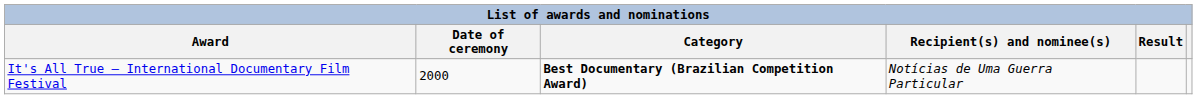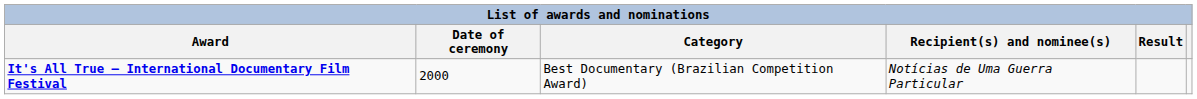 <table class="wikitable sortable">
 <tr style="background:#ccc; text-align:center;">
 <th colspan="6" style="background: LightSteelBlue;">List of awards and nominations</th>
 </tr>
 <tr style="background:#ccc; text-align:center;">
 <th scope="col">Award</th>
 <th scope="col">Date of ceremony</th>
 <th scope="col">Category</th>
 <th scope="col">Recipient(s) and nominee(s)</th>
 <th scope="col">Result</th>
 <th scope="col" class="unsortable"></th>
 </tr>
 <tr>
-<td rowspan="1"><a href='#'>It's All True – International Documentary Film Festival</a></td>
+<td rowspan="1"><strong><a href='#'>It's All True – International Documentary Film Festival</a></strong></td>
 <td>2000</td>
-<td><strong>Best Documentary (Brazilian Competition Award)</strong></td>
+<td>Best Documentary (Brazilian Competition Award)</td>
 <td><em>Notícias de Uma Guerra Particular</em></td>
 <td></td>
 <td style="text-align:center;"></td>
 </tr>
 </table>
